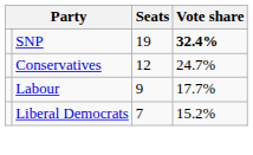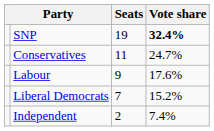 <table class="wikitable">
 <tr>
 <th scope="col" colspan="2">Party</th>
 <th scope="col">Seats</th>
 <th scope="col">Vote share</th>
 </tr>
 <tr>
 <td style="background-color: "></td>
 <td scope="row"><a href='#'>SNP</a></td>
 <td>19</td>
 <td><strong>32.4%</strong></td>
 </tr>
 <tr>
 <td style="background-color: "></td>
 <td scope="row"><a href='#'>Conservatives</a></td>
-<td>12</td>
+<td>11</td>
 <td>24.7%</td>
 </tr>
 <tr>
 <td style="background-color: "></td>
 <td scope="row"><a href='#'>Labour</a></td>
 <td>9</td>
-<td>17.7%</td>
+<td>17.6%</td>
 </tr>
 <tr>
 <td style="background-color: "></td>
 <td scope="row"><a href='#'>Liberal Democrats</a></td>
 <td>7</td>
 <td>15.2%</td>
 </tr>
+<tr>
+<td style="background-color: "></td>
+<td scope="row"><a href='#'>Independent</a></td>
+<td>2</td>
+<td>7.4%</td>
+</tr>
 </table>
